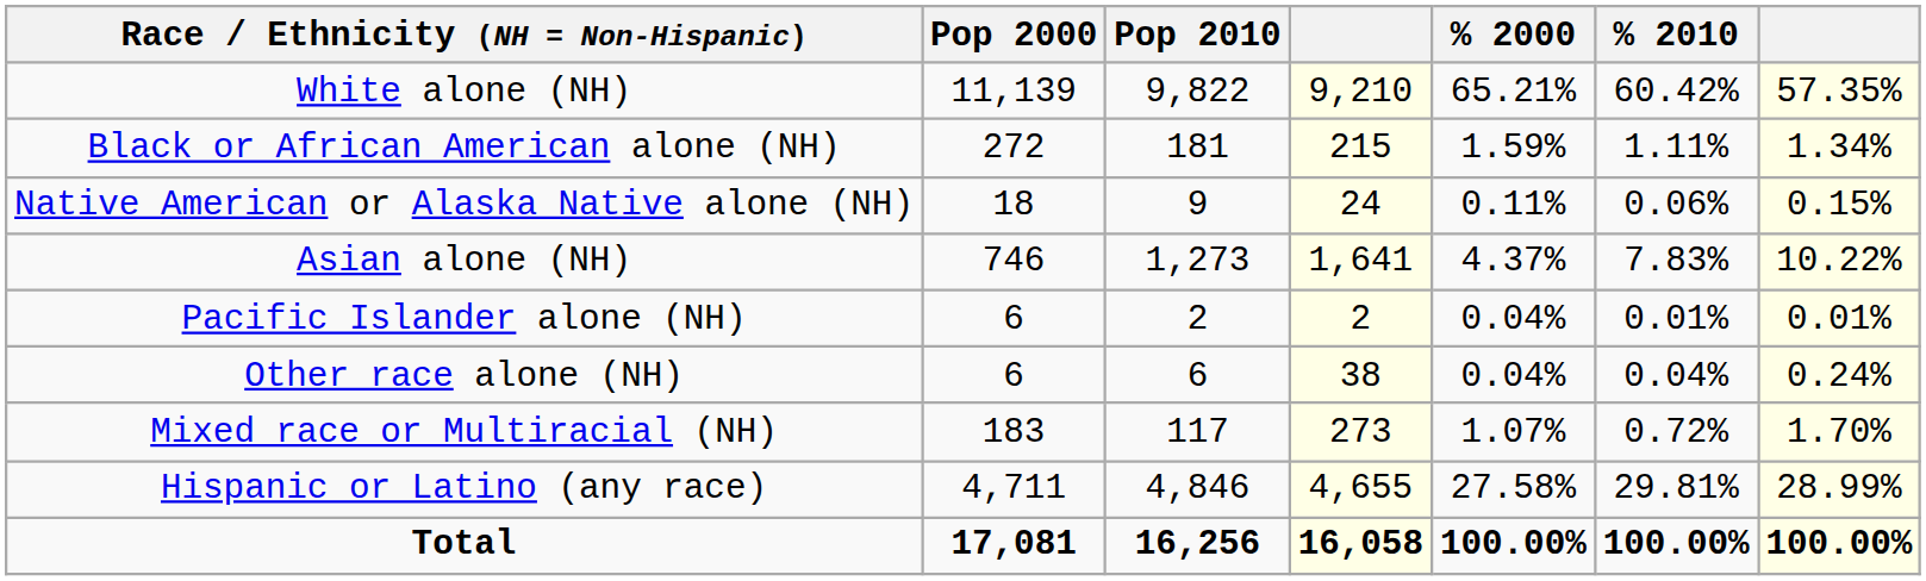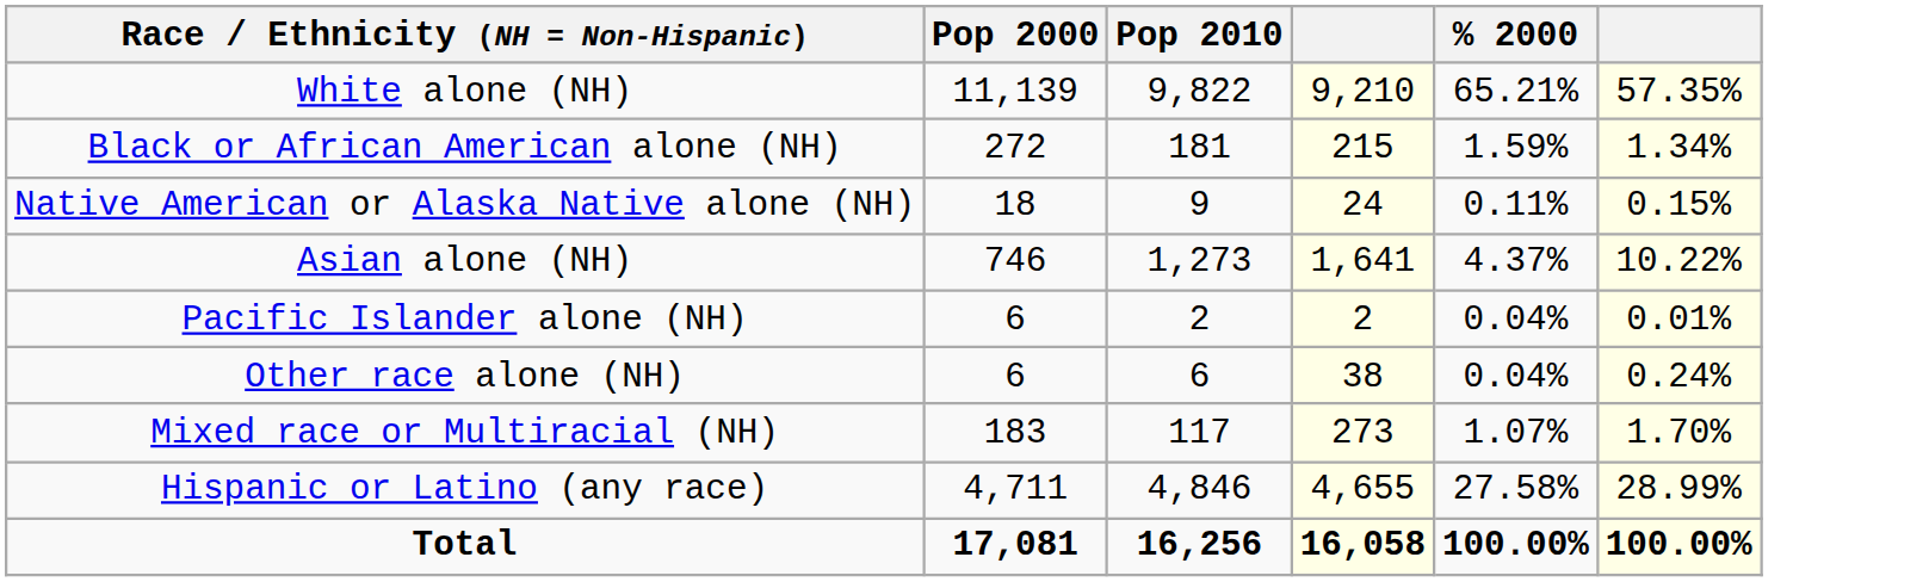 <table class="wikitable" style="text-align:center;">
 <tr>
 <th>Race / Ethnicity <small>(<em>NH = Non-Hispanic</em>)</small></th>
 <th>Pop 2000</th>
 <th>Pop 2010</th>
 <th></th>
 <th>% 2000</th>
-<th>% 2010</th>
 <th></th>
 </tr>
 <tr>
 <td><a href='#'>White</a> alone (NH)</td>
 <td>11,139</td>
 <td>9,822</td>
 <td style='background: #ffffe6;'>9,210</td>
 <td>65.21%</td>
-<td>60.42%</td>
 <td style='background: #ffffe6;'>57.35%</td>
 </tr>
 <tr>
 <td><a href='#'>Black or African American</a> alone (NH)</td>
 <td>272</td>
 <td>181</td>
 <td style='background: #ffffe6;'>215</td>
 <td>1.59%</td>
-<td>1.11%</td>
 <td style='background: #ffffe6;'>1.34%</td>
 </tr>
 <tr>
 <td><a href='#'>Native American</a> or <a href='#'>Alaska Native</a> alone (NH)</td>
 <td>18</td>
 <td>9</td>
 <td style='background: #ffffe6;'>24</td>
 <td>0.11%</td>
-<td>0.06%</td>
 <td style='background: #ffffe6;'>0.15%</td>
 </tr>
 <tr>
 <td><a href='#'>Asian</a> alone (NH)</td>
 <td>746</td>
 <td>1,273</td>
 <td style='background: #ffffe6;'>1,641</td>
 <td>4.37%</td>
-<td>7.83%</td>
 <td style='background: #ffffe6;'>10.22%</td>
 </tr>
 <tr>
 <td><a href='#'>Pacific Islander</a> alone (NH)</td>
 <td>6</td>
 <td>2</td>
 <td style='background: #ffffe6;'>2</td>
 <td>0.04%</td>
-<td>0.01%</td>
 <td style='background: #ffffe6;'>0.01%</td>
 </tr>
 <tr>
 <td><a href='#'>Other race</a> alone (NH)</td>
 <td>6</td>
 <td>6</td>
 <td style='background: #ffffe6;'>38</td>
-<td>0.04%</td>
 <td>0.04%</td>
 <td style='background: #ffffe6;'>0.24%</td>
 </tr>
 <tr>
 <td><a href='#'>Mixed race or Multiracial</a> (NH)</td>
 <td>183</td>
 <td>117</td>
 <td style='background: #ffffe6;'>273</td>
 <td>1.07%</td>
-<td>0.72%</td>
 <td style='background: #ffffe6;'>1.70%</td>
 </tr>
 <tr>
 <td><a href='#'>Hispanic or Latino</a> (any race)</td>
 <td>4,711</td>
 <td>4,846</td>
 <td style='background: #ffffe6;'>4,655</td>
 <td>27.58%</td>
-<td>29.81%</td>
 <td style='background: #ffffe6;'>28.99%</td>
 </tr>
 <tr>
 <td><strong>Total</strong></td>
 <td><strong>17,081</strong></td>
 <td><strong>16,256</strong></td>
 <td style='background: #ffffe6;'><strong>16,058</strong></td>
 <td><strong>100.00%</strong></td>
-<td><strong>100.00%</strong></td>
 <td style='background: #ffffe6;'><strong>100.00%</strong></td>
 </tr>
 </table>
